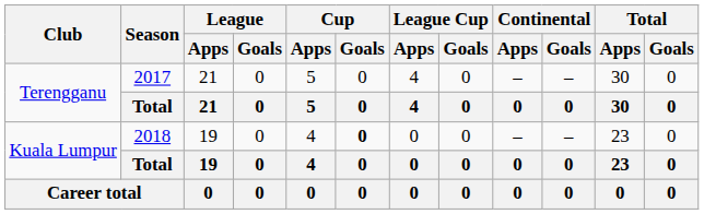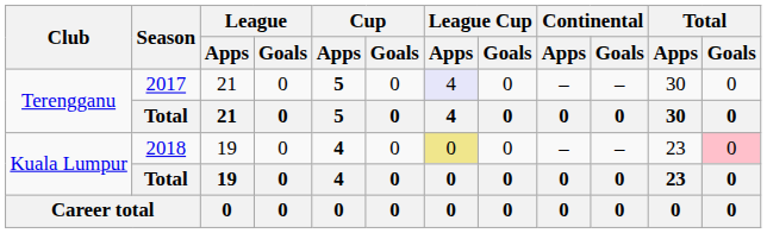 <table class="wikitable" style="text-align: center;">
 <tr>
 <th rowspan="2">Club</th>
 <th rowspan="2">Season</th>
 <th colspan="2">League</th>
 <th colspan="2">Cup</th>
 <th colspan="2">League Cup</th>
 <th colspan="2">Continental</th>
 <th colspan="2">Total</th>
 </tr>
 <tr>
 <th>Apps</th>
 <th>Goals</th>
 <th>Apps</th>
 <th>Goals</th>
 <th>Apps</th>
 <th>Goals</th>
 <th>Apps</th>
 <th>Goals</th>
 <th>Apps</th>
 <th>Goals</th>
 </tr>
 <tr>
 <td rowspan="2" valign="center"><a href='#'>Terengganu</a></td>
 <td><a href='#'>2017</a></td>
 <td>21</td>
 <td>0</td>
-<td>5</td>
+<td><strong>5</strong></td>
 <td>0</td>
-<td>4</td>
+<td style="background: lavender;">4</td>
 <td>0</td>
 <td>–</td>
 <td>–</td>
 <td>30</td>
 <td>0</td>
 </tr>
 <tr>
 <th>Total</th>
 <th>21</th>
 <th>0</th>
 <th>5</th>
 <th>0</th>
 <th>4</th>
 <th>0</th>
 <th>0</th>
 <th>0</th>
 <th>30</th>
 <th>0</th>
 </tr>
 <tr>
 <td rowspan="2" valign="center"><a href='#'>Kuala Lumpur</a></td>
 <td><a href='#'>2018</a></td>
 <td>19</td>
 <td>0</td>
-<td>4</td>
-<td><strong>0</strong></td>
+<td><strong>4</strong></td>
 <td>0</td>
+<td style="background: khaki;">0</td>
 <td>0</td>
 <td>–</td>
 <td>–</td>
 <td>23</td>
-<td>0</td>
+<td style="background: pink;">0</td>
 </tr>
 <tr>
 <th>Total</th>
 <th>19</th>
 <th>0</th>
 <th>4</th>
 <th>0</th>
 <th>0</th>
 <th>0</th>
 <th>0</th>
 <th>0</th>
 <th>23</th>
 <th>0</th>
 </tr>
 <tr>
 <th colspan=2>Career total</th>
 <th>0</th>
 <th>0</th>
 <th>0</th>
 <th>0</th>
 <th>0</th>
 <th>0</th>
 <th>0</th>
 <th>0</th>
 <th>0</th>
 <th>0</th>
 </tr>
 </table>
